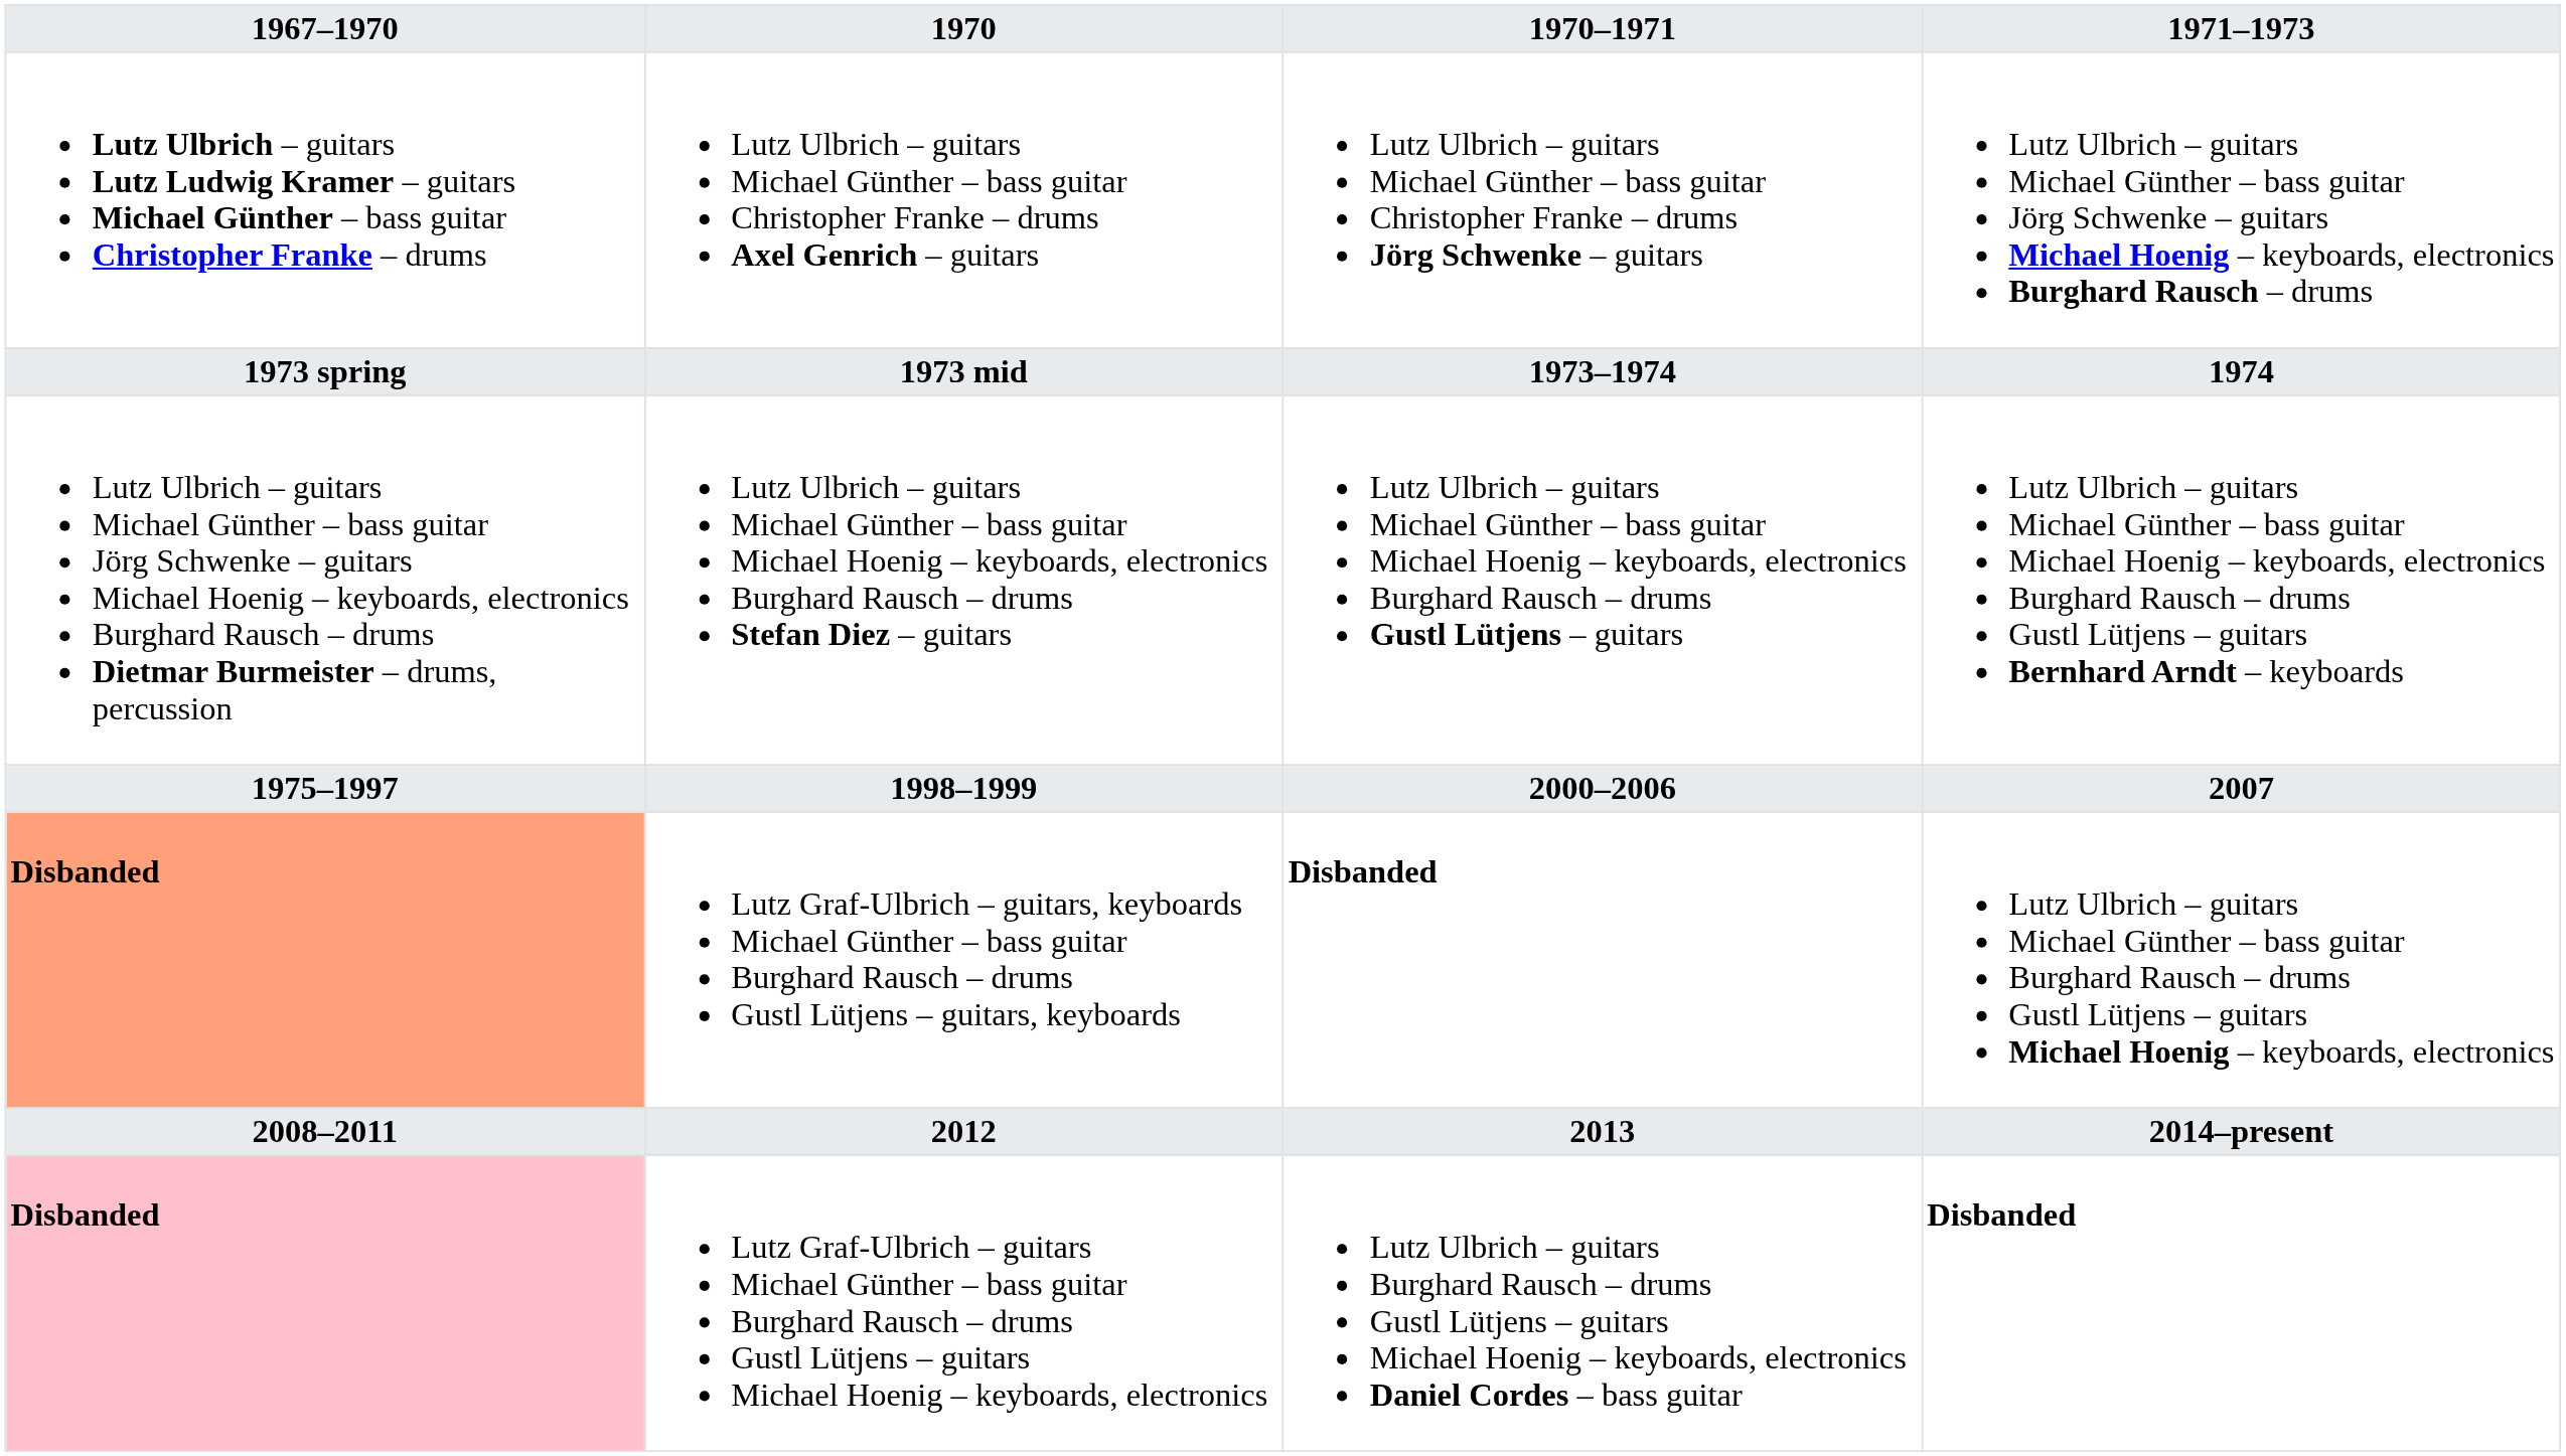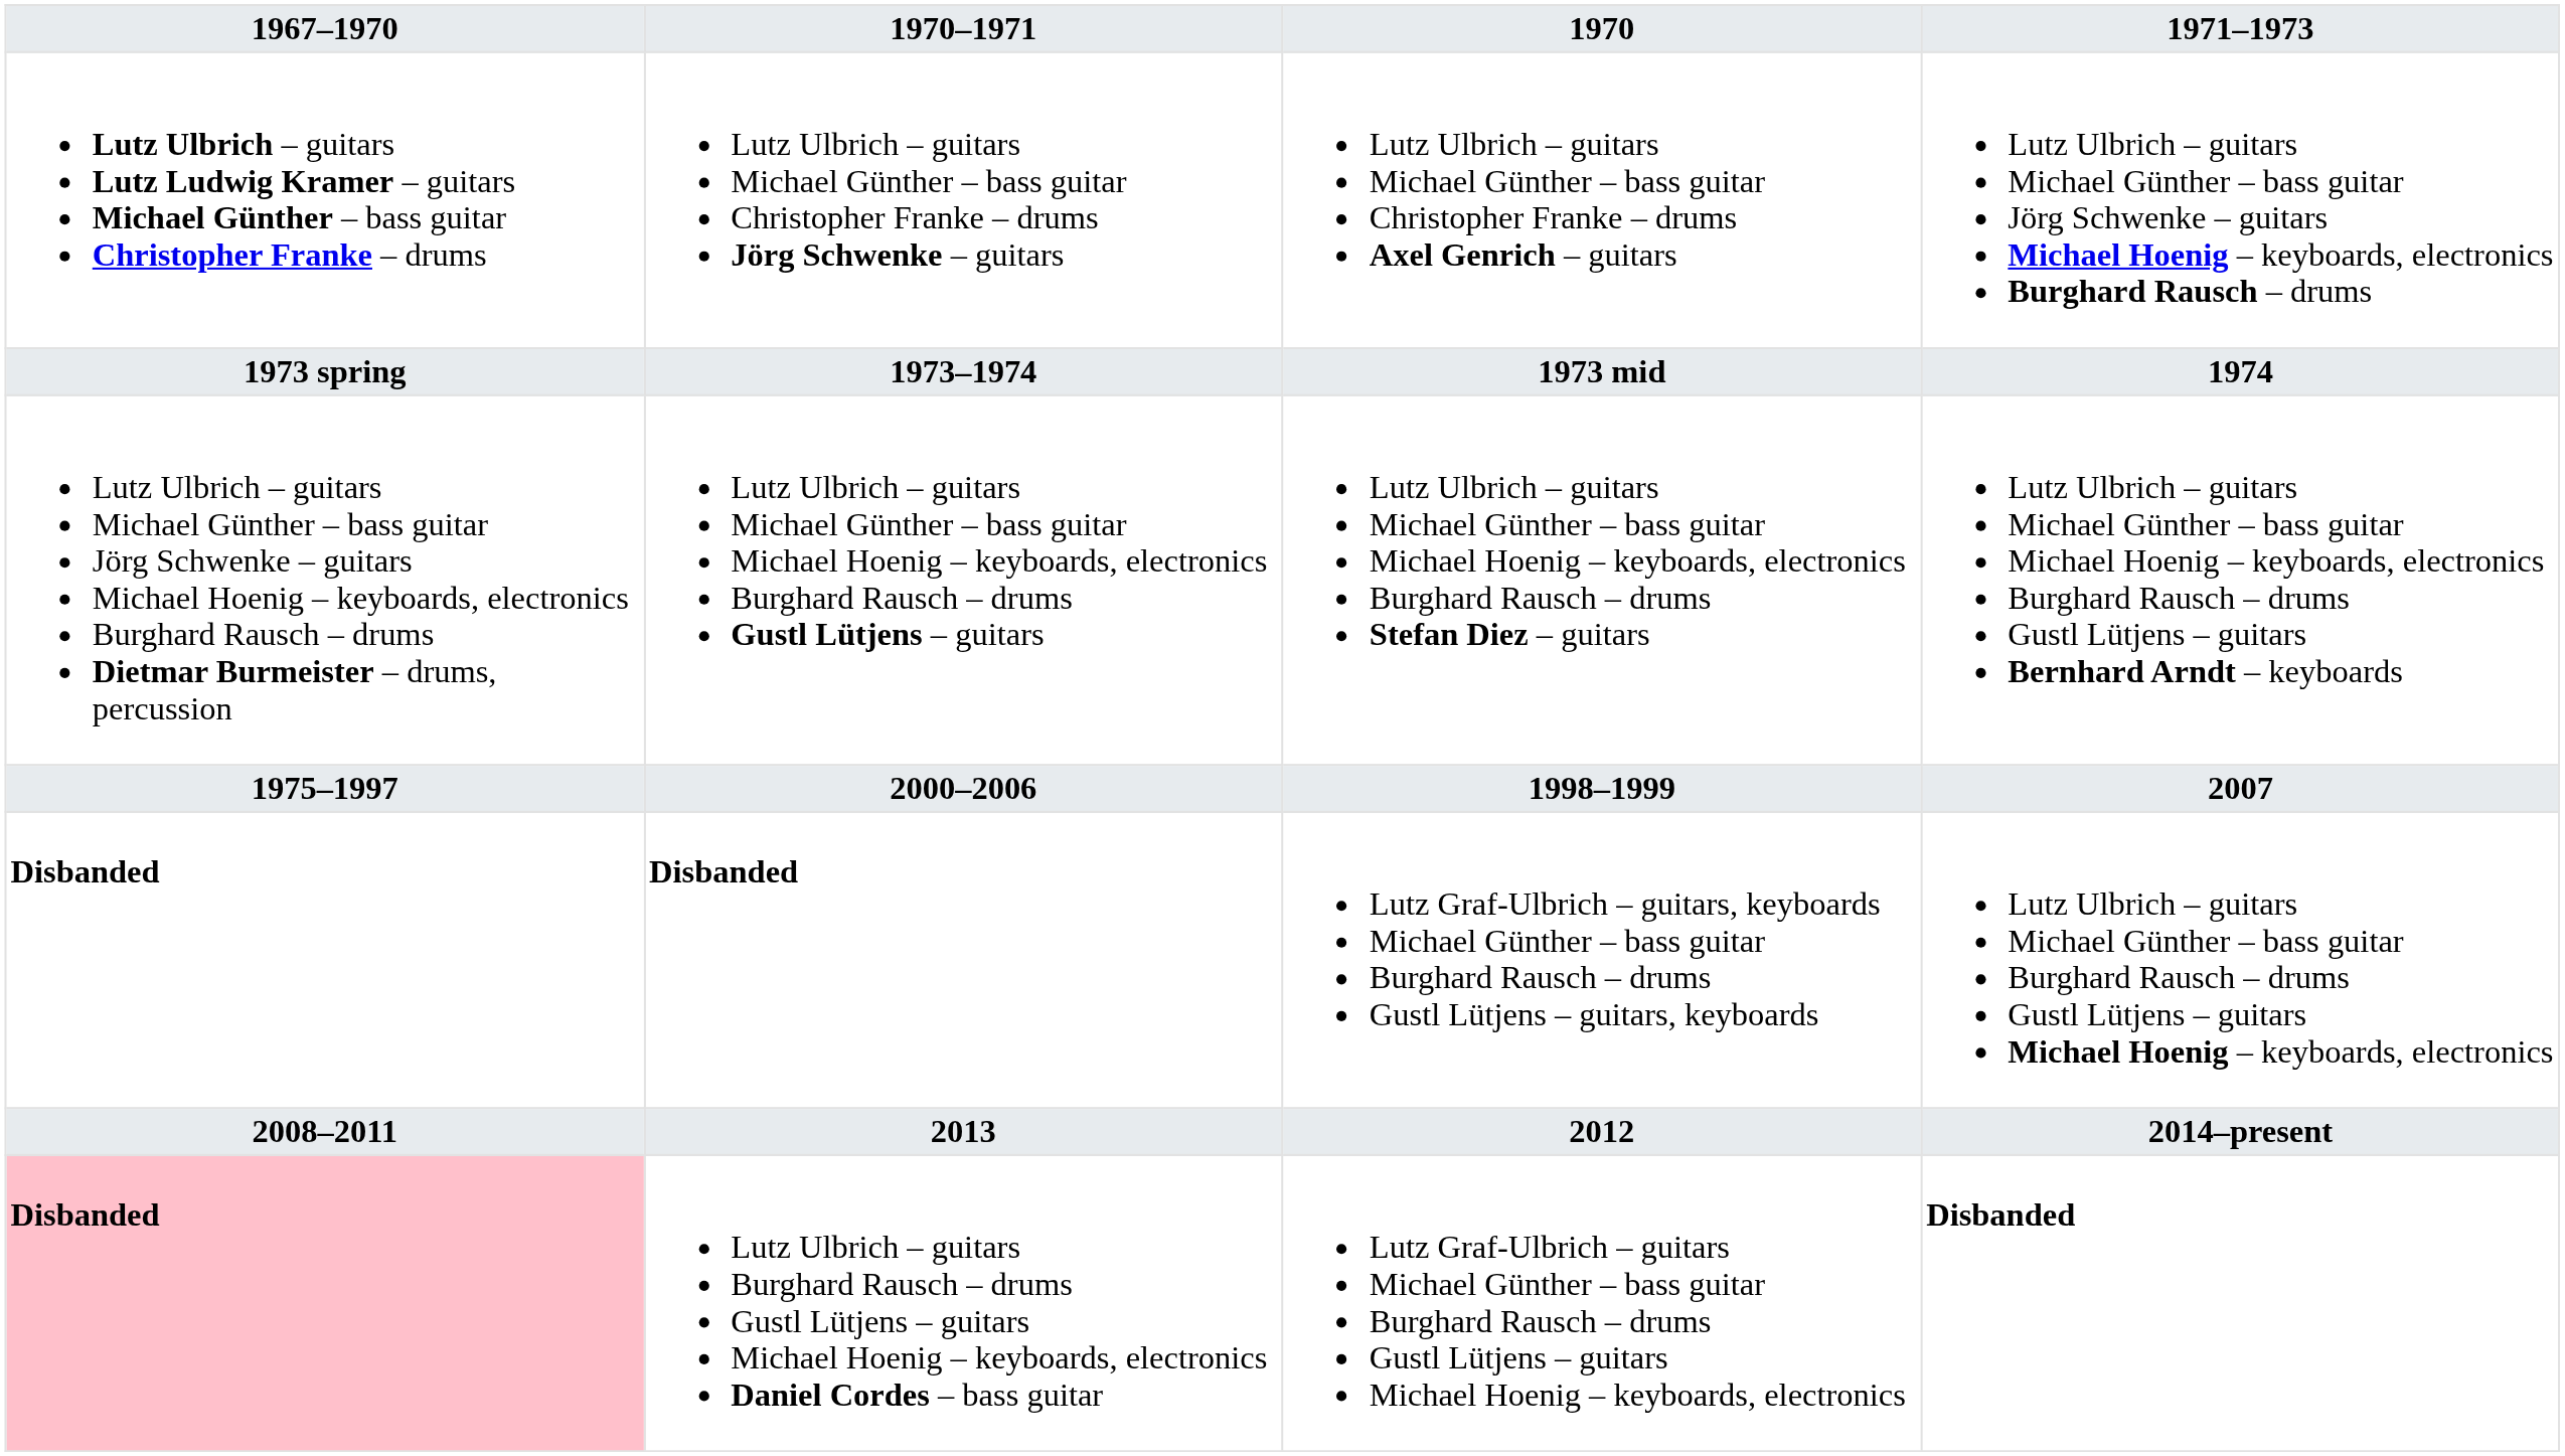 <table class="toccolours" border=1 cellpadding=2 cellspacing=0 style="float: width: 375px; margin: 0 0 1em 1em; border-collapse: collapse; border: 1px solid #E2E2E2;" width=99%>
 <tr>
 <th bgcolor="#E7EBEE" valign=top width=25%>1967–1970</th>
+<th bgcolor="#E7EBEE" valign=top width=25%>1970–1971</th>
 <th bgcolor="#E7EBEE" valign=top width=25%>1970</th>
-<th bgcolor="#E7EBEE" valign=top width=25%>1970–1971</th>
 <th bgcolor="#E7EBEE" valign=top width=25%>1971–1973</th>
 </tr>
 <tr>
 <td valign=top><br><ul><li><strong>Lutz Ulbrich</strong> – guitars</li><li><strong>Lutz Ludwig Kramer</strong> – guitars</li><li><strong>Michael Günther</strong> – bass guitar</li><li><strong><a href='#'>Christopher Franke</a></strong> – drums</li></ul></td>
+<td valign=top><br><ul><li>Lutz Ulbrich – guitars</li><li>Michael Günther – bass guitar</li><li>Christopher Franke – drums</li><li><strong>Jörg Schwenke</strong> – guitars</li></ul></td>
 <td valign=top><br><ul><li>Lutz Ulbrich – guitars</li><li>Michael Günther – bass guitar</li><li>Christopher Franke – drums</li><li><strong>Axel Genrich</strong> – guitars</li></ul></td>
-<td valign=top><br><ul><li>Lutz Ulbrich – guitars</li><li>Michael Günther – bass guitar</li><li>Christopher Franke – drums</li><li><strong>Jörg Schwenke</strong> – guitars</li></ul></td>
 <td valign=top><br><ul><li>Lutz Ulbrich – guitars</li><li>Michael Günther – bass guitar</li><li>Jörg Schwenke – guitars</li><li><strong><a href='#'>Michael Hoenig</a></strong> – keyboards, electronics</li><li><strong>Burghard Rausch</strong> – drums</li></ul></td>
 </tr>
 <tr>
 <th bgcolor="#E7EBEE" valign=top width=25%>1973 spring</th>
+<th bgcolor="#E7EBEE" valign=top width=25%>1973–1974</th>
 <th bgcolor="#E7EBEE" valign=top width=25%>1973 mid</th>
-<th bgcolor="#E7EBEE" valign=top width=25%>1973–1974</th>
 <th bgcolor="#E7EBEE" valign=top width=25%>1974</th>
 </tr>
 <tr>
 <td valign=top><br><ul><li>Lutz Ulbrich – guitars</li><li>Michael Günther – bass guitar</li><li>Jörg Schwenke – guitars</li><li>Michael Hoenig – keyboards, electronics</li><li>Burghard Rausch – drums</li><li><strong>Dietmar Burmeister</strong> – drums, percussion</li></ul></td>
+<td valign=top><br><ul><li>Lutz Ulbrich – guitars</li><li>Michael Günther – bass guitar</li><li>Michael Hoenig – keyboards, electronics</li><li>Burghard Rausch – drums</li><li><strong>Gustl Lütjens</strong> – guitars</li></ul></td>
 <td valign=top><br><ul><li>Lutz Ulbrich – guitars</li><li>Michael Günther – bass guitar</li><li>Michael Hoenig – keyboards, electronics</li><li>Burghard Rausch – drums</li><li><strong>Stefan Diez</strong> – guitars</li></ul></td>
-<td valign=top><br><ul><li>Lutz Ulbrich – guitars</li><li>Michael Günther – bass guitar</li><li>Michael Hoenig – keyboards, electronics</li><li>Burghard Rausch – drums</li><li><strong>Gustl Lütjens</strong> – guitars</li></ul></td>
 <td valign=top><br><ul><li>Lutz Ulbrich – guitars</li><li>Michael Günther – bass guitar</li><li>Michael Hoenig – keyboards, electronics</li><li>Burghard Rausch – drums</li><li>Gustl Lütjens – guitars</li><li><strong>Bernhard Arndt</strong> – keyboards</li></ul></td>
 </tr>
 <tr>
 <th bgcolor="#E7EBEE" valign=top width=25%>1975–1997</th>
+<th bgcolor="#E7EBEE" valign=top width=25%>2000–2006</th>
 <th bgcolor="#E7EBEE" valign=top width=25%>1998–1999</th>
-<th bgcolor="#E7EBEE" valign=top width=25%>2000–2006</th>
 <th bgcolor="#E7EBEE" valign=top width=25%>2007</th>
 </tr>
 <tr>
-<td valign=top style="background: lightsalmon;"><br><strong>Disbanded</strong></td>
+<td valign=top><br><strong>Disbanded</strong></td>
+<td valign=top><br><strong>Disbanded</strong></td>
 <td valign=top><br><ul><li>Lutz Graf-Ulbrich – guitars, keyboards</li><li>Michael Günther – bass guitar</li><li>Burghard Rausch – drums</li><li>Gustl Lütjens – guitars, keyboards</li></ul></td>
-<td valign=top><br><strong>Disbanded</strong></td>
 <td valign=top><br><ul><li>Lutz Ulbrich – guitars</li><li>Michael Günther – bass guitar</li><li>Burghard Rausch – drums</li><li>Gustl Lütjens – guitars</li><li><strong>Michael Hoenig</strong> – keyboards, electronics</li></ul></td>
 </tr>
 <tr>
 <th bgcolor="#E7EBEE" valign=top width=25%>2008–2011</th>
+<th bgcolor="#E7EBEE" valign=top width=25%>2013</th>
 <th bgcolor="#E7EBEE" valign=top width=25%>2012</th>
-<th bgcolor="#E7EBEE" valign=top width=25%>2013</th>
 <th bgcolor="#E7EBEE" valign=top width=25%>2014–present</th>
 </tr>
 <tr>
 <td valign=top style="background: pink;"><br><strong>Disbanded</strong></td>
+<td valign=top><br><ul><li>Lutz Ulbrich – guitars</li><li>Burghard Rausch – drums</li><li>Gustl Lütjens – guitars</li><li>Michael Hoenig – keyboards, electronics</li><li><strong>Daniel Cordes</strong> – bass guitar</li></ul></td>
 <td valign=top><br><ul><li>Lutz Graf-Ulbrich – guitars</li><li>Michael Günther – bass guitar</li><li>Burghard Rausch – drums</li><li>Gustl Lütjens – guitars</li><li>Michael Hoenig – keyboards, electronics</li></ul></td>
-<td valign=top><br><ul><li>Lutz Ulbrich – guitars</li><li>Burghard Rausch – drums</li><li>Gustl Lütjens – guitars</li><li>Michael Hoenig – keyboards, electronics</li><li><strong>Daniel Cordes</strong> – bass guitar</li></ul></td>
 <td valign=top><br><strong>Disbanded</strong></td>
 </tr>
 </table>
